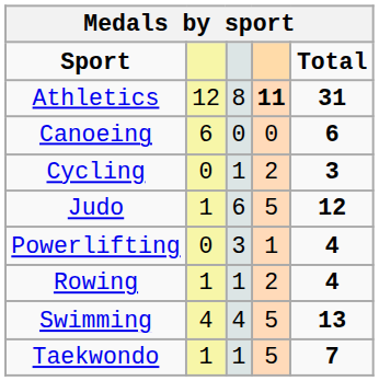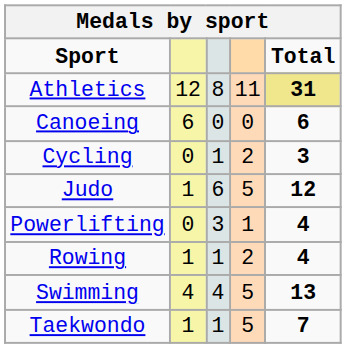 <table class=wikitable style="font-size:85%;text-align:center;float:right;clear:right;margin-left:1em;">
 <tr bgcolor=EFEFEF>
 <th colspan=7>Medals by sport</th>
 </tr>
 <tr>
 <td><strong>Sport</strong></td>
 <td bgcolor=F7F6A8></td>
 <td bgcolor=DCE5E5></td>
 <td bgcolor=FFDBA9></td>
 <td><strong>Total</strong></td>
 </tr>
 <tr>
 <td><a href='#'>Athletics</a></td>
 <td bgcolor=F7F6A8>12</td>
 <td bgcolor=DCE5E5>8</td>
-<td bgcolor=FFDAB9><strong>11</strong></td>
-<td><strong>31</strong></td>
+<td bgcolor=FFDAB9>11</td>
+<td style="background: khaki;"><strong>31</strong></td>
 </tr>
 <tr>
 <td><a href='#'>Canoeing</a></td>
 <td bgcolor=F7F6A8>6</td>
 <td bgcolor=DCE5E5>0</td>
 <td bgcolor=FFDAB9>0</td>
 <td><strong>6</strong></td>
 </tr>
 <tr>
 <td><a href='#'>Cycling</a></td>
 <td bgcolor=F7F6A8>0</td>
 <td bgcolor=DCE5E5>1</td>
 <td bgcolor=FFDAB9>2</td>
 <td><strong>3</strong></td>
 </tr>
 <tr>
 <td><a href='#'>Judo</a></td>
 <td bgcolor=F7F6A8>1</td>
 <td bgcolor=DCE5E5>6</td>
 <td bgcolor=FFDAB9>5</td>
 <td><strong>12</strong></td>
 </tr>
 <tr>
 <td><a href='#'>Powerlifting</a></td>
 <td bgcolor=F7F6A8>0</td>
 <td bgcolor=DCE5E5>3</td>
 <td bgcolor=FFDAB9>1</td>
 <td><strong>4</strong></td>
 </tr>
 <tr>
 <td><a href='#'>Rowing</a></td>
 <td bgcolor=F7F6A8>1</td>
 <td bgcolor=DCE5E5>1</td>
 <td bgcolor=FFDAB9>2</td>
 <td><strong>4</strong></td>
 </tr>
 <tr>
 <td><a href='#'>Swimming</a></td>
 <td bgcolor=F7F6A8>4</td>
 <td bgcolor=DCE5E5>4</td>
 <td bgcolor=FFDAB9>5</td>
 <td><strong>13</strong></td>
 </tr>
 <tr>
 <td><a href='#'>Taekwondo</a></td>
 <td bgcolor=F7F6A8>1</td>
 <td bgcolor=DCE5E5>1</td>
 <td bgcolor=FFDAB9>5</td>
 <td><strong>7</strong></td>
 </tr>
 </table>
